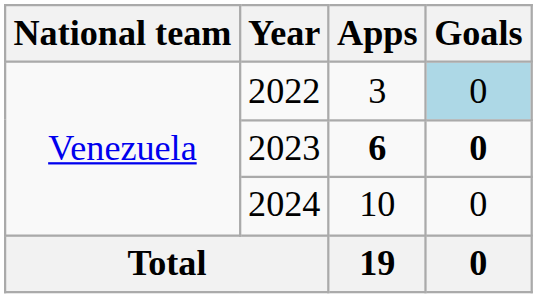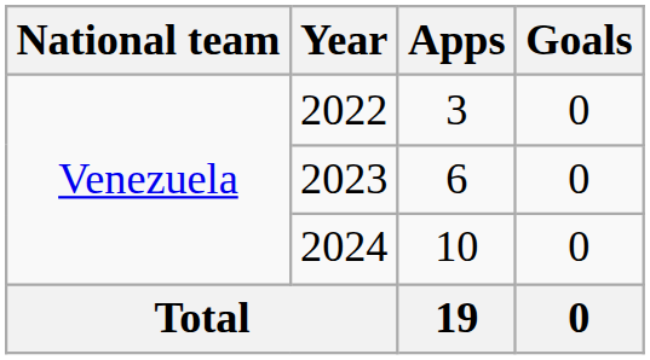 <table class="wikitable" style="text-align: center;">
 <tr>
 <th>National team</th>
 <th>Year</th>
 <th>Apps</th>
 <th>Goals</th>
 </tr>
 <tr>
 <td rowspan="3"><a href='#'>Venezuela</a></td>
 <td>2022</td>
 <td>3</td>
-<td style="background: lightblue;">0</td>
+<td>0</td>
 </tr>
 <tr>
 <td>2023</td>
-<td><strong>6</strong></td>
-<td><strong>0</strong></td>
+<td>6</td>
+<td>0</td>
 </tr>
 <tr>
 <td>2024</td>
 <td>10</td>
 <td>0</td>
 </tr>
 <tr>
 <th colspan="2">Total</th>
 <th>19</th>
 <th>0</th>
 </tr>
 </table>
